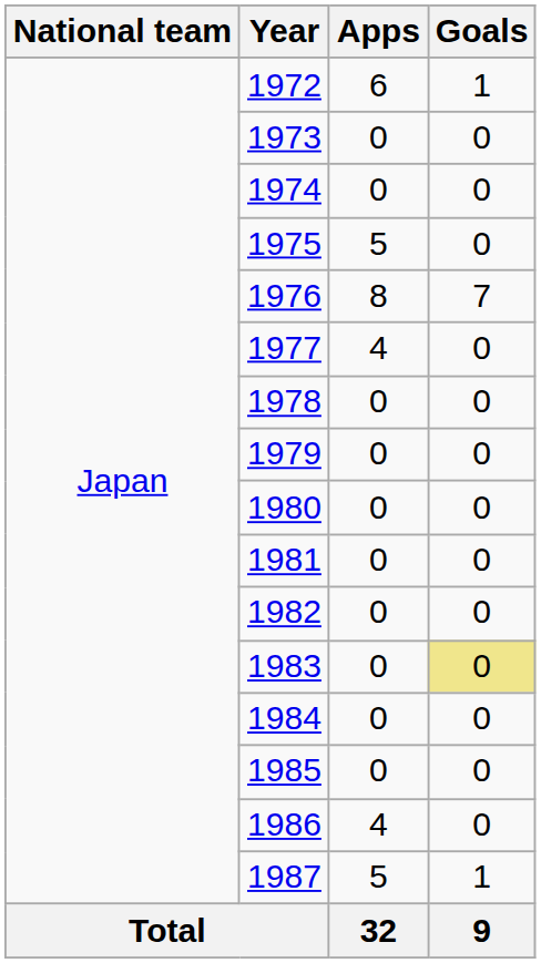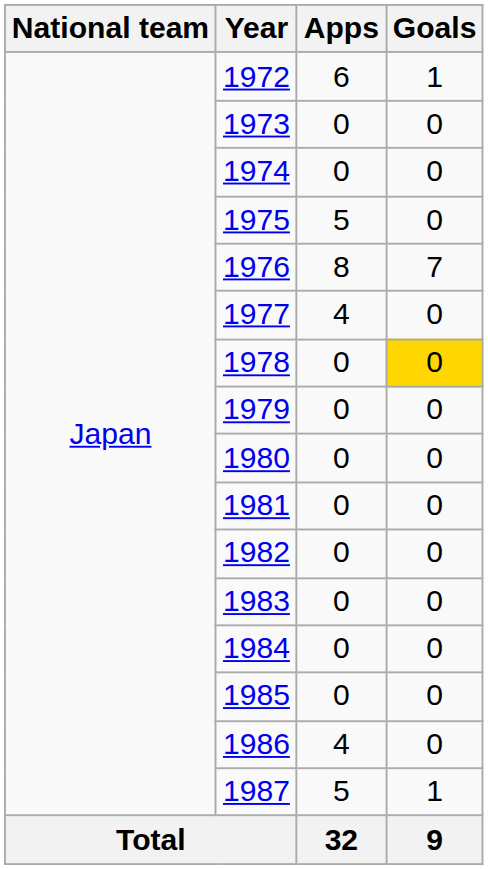 <table class="wikitable" style="text-align:center">
 <tr>
 <th>National team</th>
 <th>Year</th>
 <th>Apps</th>
 <th>Goals</th>
 </tr>
 <tr>
 <td rowspan="16"><a href='#'>Japan</a></td>
 <td><a href='#'>1972</a></td>
 <td>6</td>
 <td>1</td>
 </tr>
 <tr>
 <td><a href='#'>1973</a></td>
 <td>0</td>
 <td>0</td>
 </tr>
 <tr>
 <td><a href='#'>1974</a></td>
 <td>0</td>
 <td>0</td>
 </tr>
 <tr>
 <td><a href='#'>1975</a></td>
 <td>5</td>
 <td>0</td>
 </tr>
 <tr>
 <td><a href='#'>1976</a></td>
 <td>8</td>
 <td>7</td>
 </tr>
 <tr>
 <td><a href='#'>1977</a></td>
 <td>4</td>
 <td>0</td>
 </tr>
 <tr>
 <td><a href='#'>1978</a></td>
 <td>0</td>
-<td>0</td>
+<td style="background: gold;">0</td>
 </tr>
 <tr>
 <td><a href='#'>1979</a></td>
 <td>0</td>
 <td>0</td>
 </tr>
 <tr>
 <td><a href='#'>1980</a></td>
 <td>0</td>
 <td>0</td>
 </tr>
 <tr>
 <td><a href='#'>1981</a></td>
 <td>0</td>
 <td>0</td>
 </tr>
 <tr>
 <td><a href='#'>1982</a></td>
 <td>0</td>
 <td>0</td>
 </tr>
 <tr>
 <td><a href='#'>1983</a></td>
 <td>0</td>
-<td style="background: khaki;">0</td>
+<td>0</td>
 </tr>
 <tr>
 <td><a href='#'>1984</a></td>
 <td>0</td>
 <td>0</td>
 </tr>
 <tr>
 <td><a href='#'>1985</a></td>
 <td>0</td>
 <td>0</td>
 </tr>
 <tr>
 <td><a href='#'>1986</a></td>
 <td>4</td>
 <td>0</td>
 </tr>
 <tr>
 <td><a href='#'>1987</a></td>
 <td>5</td>
 <td>1</td>
 </tr>
 <tr>
 <th colspan="2">Total</th>
 <th>32</th>
 <th>9</th>
 </tr>
 </table>
